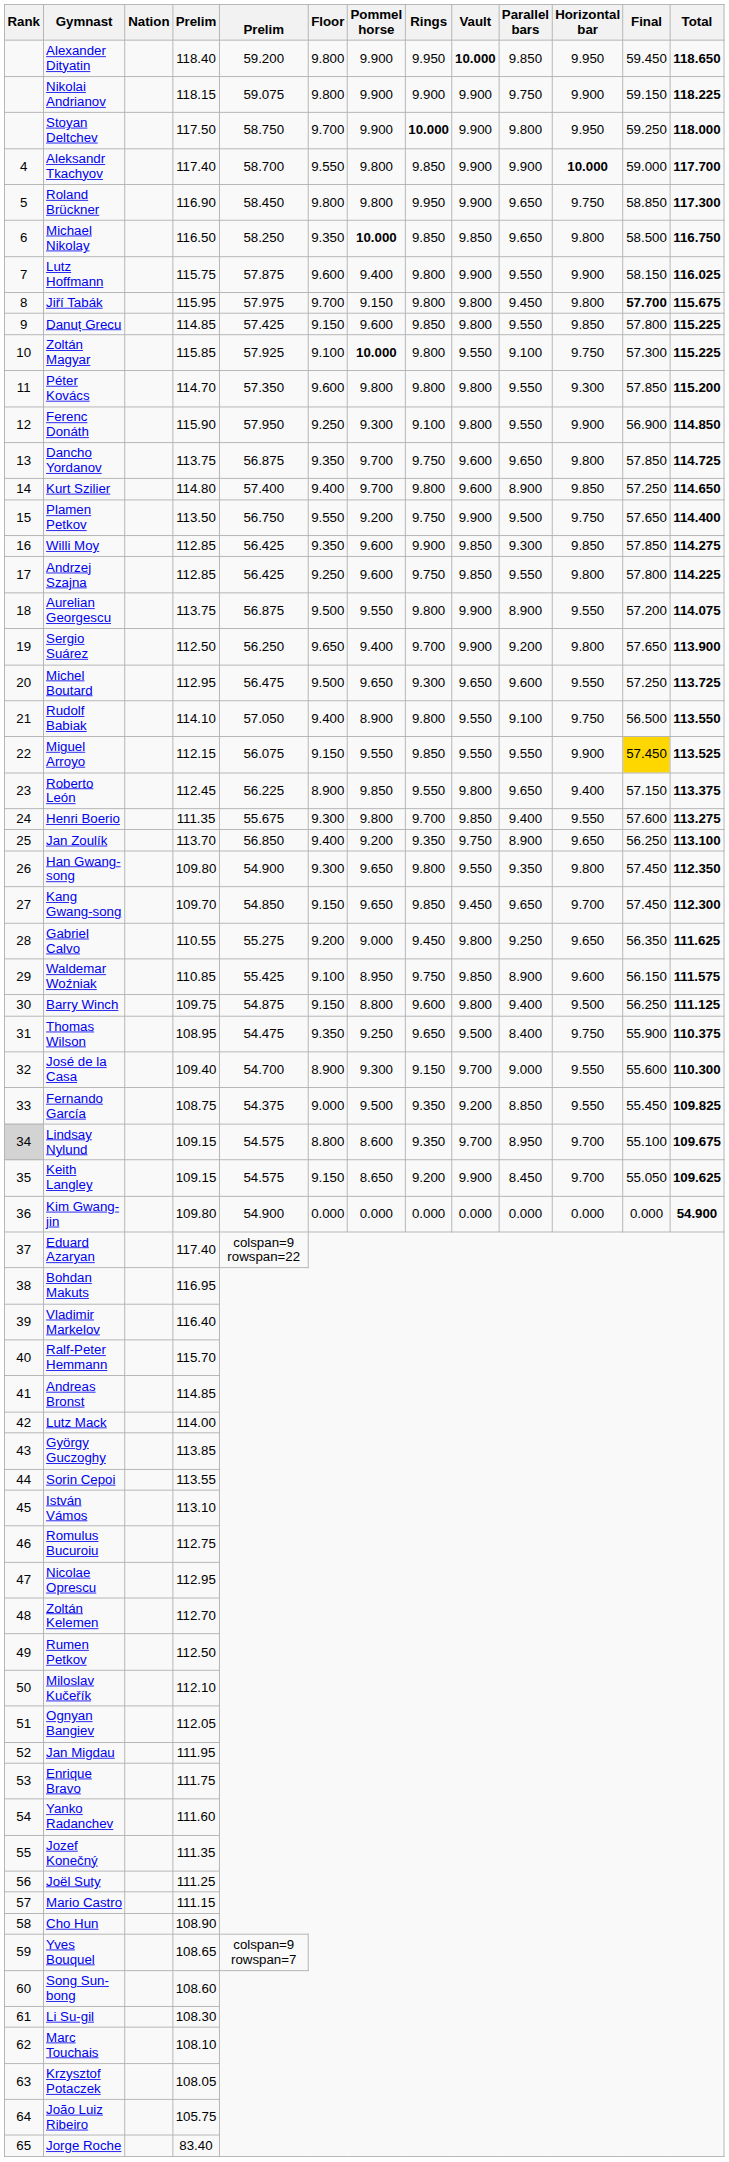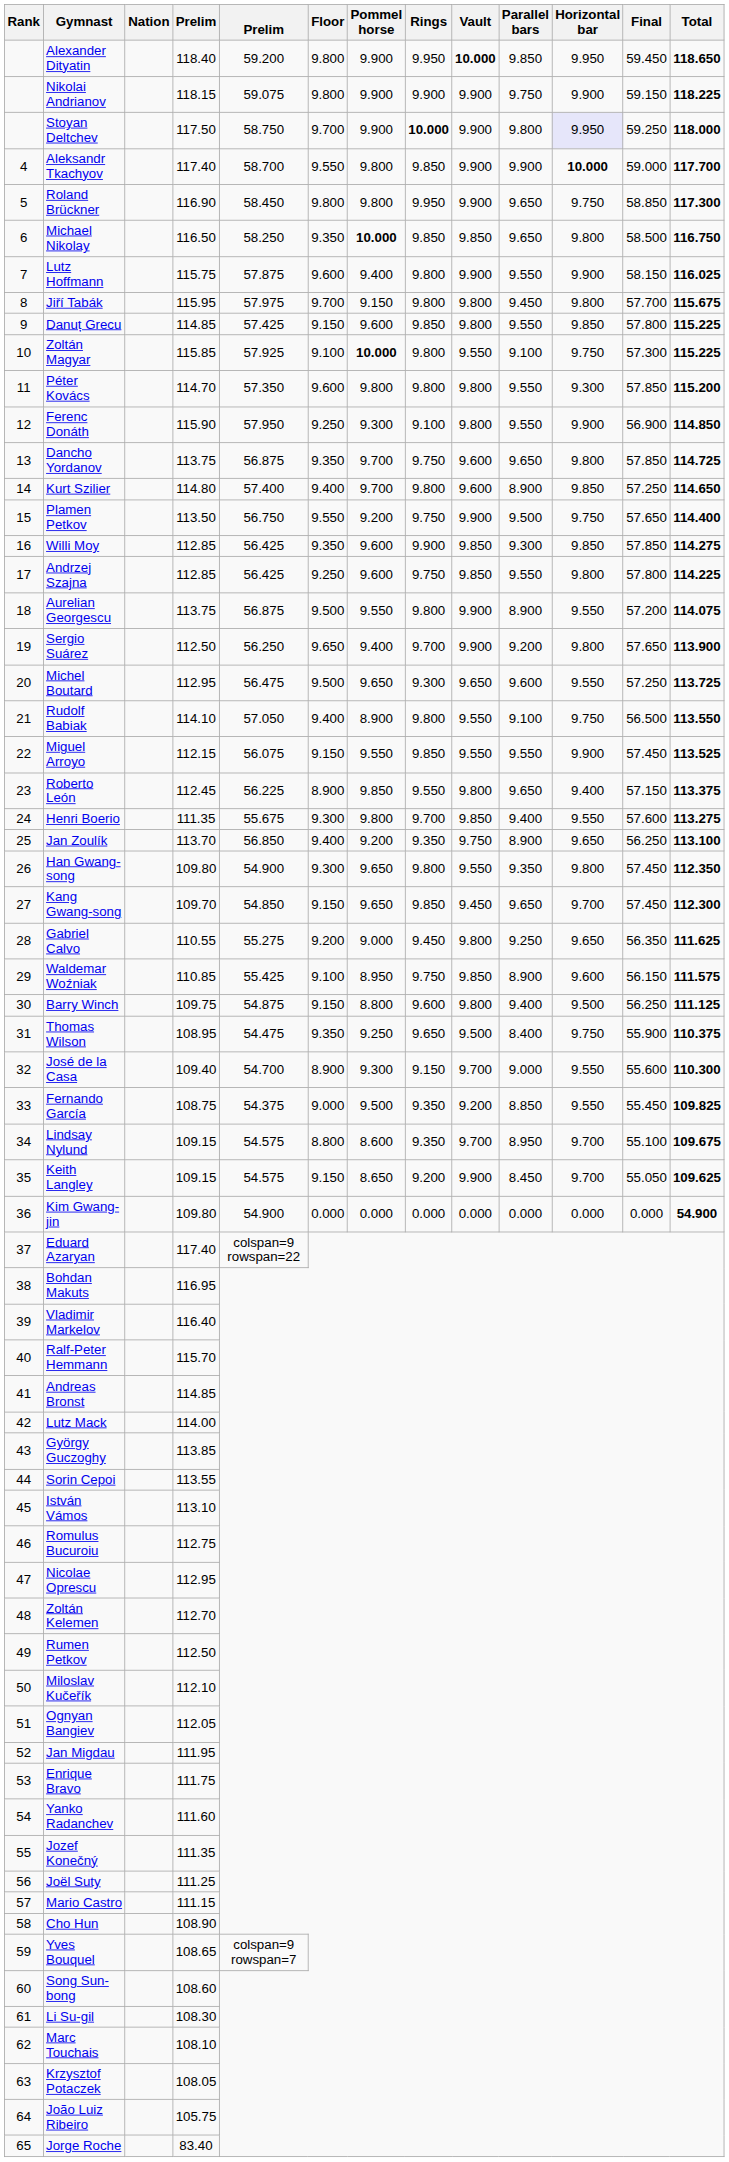 <table class="wikitable sortable" style="text-align:center">
 <tr>
 <th>Rank</th>
 <th>Gymnast</th>
 <th>Nation</th>
 <th>Prelim</th>
 <th><br>Prelim</th>
 <th>Floor</th>
 <th>Pommel<br>horse</th>
 <th>Rings</th>
 <th>Vault</th>
 <th>Parallel<br>bars</th>
 <th>Horizontal<br>bar</th>
 <th>Final</th>
 <th>Total</th>
 </tr>
 <tr>
 <td></td>
 <td align=left><a href='#'>Alexander Dityatin</a></td>
 <td align=left></td>
 <td>118.40</td>
 <td>59.200</td>
 <td>9.800</td>
 <td>9.900</td>
 <td>9.950</td>
 <td><strong>10.000</strong></td>
 <td>9.850</td>
 <td>9.950</td>
 <td>59.450</td>
 <td><strong>118.650</strong></td>
 </tr>
 <tr>
 <td></td>
 <td align=left><a href='#'>Nikolai Andrianov</a></td>
 <td align=left></td>
 <td>118.15</td>
 <td>59.075</td>
 <td>9.800</td>
 <td>9.900</td>
 <td>9.900</td>
 <td>9.900</td>
 <td>9.750</td>
 <td>9.900</td>
 <td>59.150</td>
 <td><strong>118.225</strong></td>
 </tr>
 <tr>
 <td></td>
 <td align=left><a href='#'>Stoyan Deltchev</a></td>
 <td align=left></td>
 <td>117.50</td>
 <td>58.750</td>
 <td>9.700</td>
 <td>9.900</td>
 <td><strong>10.000</strong></td>
 <td>9.900</td>
 <td>9.800</td>
-<td>9.950</td>
+<td style="background: lavender;">9.950</td>
 <td>59.250</td>
 <td><strong>118.000</strong></td>
 </tr>
 <tr>
 <td>4</td>
 <td align=left><a href='#'>Aleksandr Tkachyov</a></td>
 <td align=left></td>
 <td>117.40</td>
 <td>58.700</td>
 <td>9.550</td>
 <td>9.800</td>
 <td>9.850</td>
 <td>9.900</td>
 <td>9.900</td>
 <td><strong>10.000</strong></td>
 <td>59.000</td>
 <td><strong>117.700</strong></td>
 </tr>
 <tr>
 <td>5</td>
 <td align=left><a href='#'>Roland Brückner</a></td>
 <td align=left></td>
 <td>116.90</td>
 <td>58.450</td>
 <td>9.800</td>
 <td>9.800</td>
 <td>9.950</td>
 <td>9.900</td>
 <td>9.650</td>
 <td>9.750</td>
 <td>58.850</td>
 <td><strong>117.300</strong></td>
 </tr>
 <tr>
 <td>6</td>
 <td align=left><a href='#'>Michael Nikolay</a></td>
 <td align=left></td>
 <td>116.50</td>
 <td>58.250</td>
 <td>9.350</td>
 <td><strong>10.000</strong></td>
 <td>9.850</td>
 <td>9.850</td>
 <td>9.650</td>
 <td>9.800</td>
 <td>58.500</td>
 <td><strong>116.750</strong></td>
 </tr>
 <tr>
 <td>7</td>
 <td align=left><a href='#'>Lutz Hoffmann</a></td>
 <td align=left></td>
 <td>115.75</td>
 <td>57.875</td>
 <td>9.600</td>
 <td>9.400</td>
 <td>9.800</td>
 <td>9.900</td>
 <td>9.550</td>
 <td>9.900</td>
 <td>58.150</td>
 <td><strong>116.025</strong></td>
 </tr>
 <tr>
 <td>8</td>
 <td align=left><a href='#'>Jiří Tabák</a></td>
 <td align="left"></td>
 <td>115.95</td>
 <td>57.975</td>
 <td>9.700</td>
 <td>9.150</td>
 <td>9.800</td>
 <td>9.800</td>
 <td>9.450</td>
 <td>9.800</td>
-<td><strong>57.700</strong></td>
+<td>57.700</td>
 <td><strong>115.675</strong></td>
 </tr>
 <tr>
 <td>9</td>
 <td align=left><a href='#'>Danuț Grecu</a></td>
 <td align="left"></td>
 <td>114.85</td>
 <td>57.425</td>
 <td>9.150</td>
 <td>9.600</td>
 <td>9.850</td>
 <td>9.800</td>
 <td>9.550</td>
 <td>9.850</td>
 <td>57.800</td>
 <td><strong>115.225</strong></td>
 </tr>
 <tr>
 <td>10</td>
 <td align=left><a href='#'>Zoltán Magyar</a></td>
 <td align=left></td>
 <td>115.85</td>
 <td>57.925</td>
 <td>9.100</td>
 <td><strong>10.000</strong></td>
 <td>9.800</td>
 <td>9.550</td>
 <td>9.100</td>
 <td>9.750</td>
 <td>57.300</td>
 <td><strong>115.225</strong></td>
 </tr>
 <tr>
 <td>11</td>
 <td align=left><a href='#'>Péter Kovács</a></td>
 <td align=left></td>
 <td>114.70</td>
 <td>57.350</td>
 <td>9.600</td>
 <td>9.800</td>
 <td>9.800</td>
 <td>9.800</td>
 <td>9.550</td>
 <td>9.300</td>
 <td>57.850</td>
 <td><strong>115.200</strong></td>
 </tr>
 <tr>
 <td>12</td>
 <td align=left><a href='#'>Ferenc Donáth</a></td>
 <td align="left"></td>
 <td>115.90</td>
 <td>57.950</td>
 <td>9.250</td>
 <td>9.300</td>
 <td>9.100</td>
 <td>9.800</td>
 <td>9.550</td>
 <td>9.900</td>
 <td>56.900</td>
 <td><strong>114.850</strong></td>
 </tr>
 <tr>
 <td>13</td>
 <td align=left><a href='#'>Dancho Yordanov</a></td>
 <td align=left></td>
 <td>113.75</td>
 <td>56.875</td>
 <td>9.350</td>
 <td>9.700</td>
 <td>9.750</td>
 <td>9.600</td>
 <td>9.650</td>
 <td>9.800</td>
 <td>57.850</td>
 <td><strong>114.725</strong></td>
 </tr>
 <tr>
 <td>14</td>
 <td align=left><a href='#'>Kurt Szilier</a></td>
 <td align=left></td>
 <td>114.80</td>
 <td>57.400</td>
 <td>9.400</td>
 <td>9.700</td>
 <td>9.800</td>
 <td>9.600</td>
 <td>8.900</td>
 <td>9.850</td>
 <td>57.250</td>
 <td><strong>114.650</strong></td>
 </tr>
 <tr>
 <td>15</td>
 <td align=left><a href='#'>Plamen Petkov</a></td>
 <td align=left></td>
 <td>113.50</td>
 <td>56.750</td>
 <td>9.550</td>
 <td>9.200</td>
 <td>9.750</td>
 <td>9.900</td>
 <td>9.500</td>
 <td>9.750</td>
 <td>57.650</td>
 <td><strong>114.400</strong></td>
 </tr>
 <tr>
 <td>16</td>
 <td align=left><a href='#'>Willi Moy</a></td>
 <td align=left></td>
 <td>112.85</td>
 <td>56.425</td>
 <td>9.350</td>
 <td>9.600</td>
 <td>9.900</td>
 <td>9.850</td>
 <td>9.300</td>
 <td>9.850</td>
 <td>57.850</td>
 <td><strong>114.275</strong></td>
 </tr>
 <tr>
 <td>17</td>
 <td align=left><a href='#'>Andrzej Szajna</a></td>
 <td align=left></td>
 <td>112.85</td>
 <td>56.425</td>
 <td>9.250</td>
 <td>9.600</td>
 <td>9.750</td>
 <td>9.850</td>
 <td>9.550</td>
 <td>9.800</td>
 <td>57.800</td>
 <td><strong>114.225</strong></td>
 </tr>
 <tr>
 <td>18</td>
 <td align=left><a href='#'>Aurelian Georgescu</a></td>
 <td align=left></td>
 <td>113.75</td>
 <td>56.875</td>
 <td>9.500</td>
 <td>9.550</td>
 <td>9.800</td>
 <td>9.900</td>
 <td>8.900</td>
 <td>9.550</td>
 <td>57.200</td>
 <td><strong>114.075</strong></td>
 </tr>
 <tr>
 <td>19</td>
 <td align=left><a href='#'>Sergio Suárez</a></td>
 <td align="left"></td>
 <td>112.50</td>
 <td>56.250</td>
 <td>9.650</td>
 <td>9.400</td>
 <td>9.700</td>
 <td>9.900</td>
 <td>9.200</td>
 <td>9.800</td>
 <td>57.650</td>
 <td><strong>113.900</strong></td>
 </tr>
 <tr>
 <td>20</td>
 <td align=left><a href='#'>Michel Boutard</a></td>
 <td align=left></td>
 <td>112.95</td>
 <td>56.475</td>
 <td>9.500</td>
 <td>9.650</td>
 <td>9.300</td>
 <td>9.650</td>
 <td>9.600</td>
 <td>9.550</td>
 <td>57.250</td>
 <td><strong>113.725</strong></td>
 </tr>
 <tr>
 <td>21</td>
 <td align=left><a href='#'>Rudolf Babiak</a></td>
 <td align=left></td>
 <td>114.10</td>
 <td>57.050</td>
 <td>9.400</td>
 <td>8.900</td>
 <td>9.800</td>
 <td>9.550</td>
 <td>9.100</td>
 <td>9.750</td>
 <td>56.500</td>
 <td><strong>113.550</strong></td>
 </tr>
 <tr>
 <td>22</td>
 <td align=left><a href='#'>Miguel Arroyo</a></td>
 <td align=left></td>
 <td>112.15</td>
 <td>56.075</td>
 <td>9.150</td>
 <td>9.550</td>
 <td>9.850</td>
 <td>9.550</td>
 <td>9.550</td>
 <td>9.900</td>
-<td style="background: gold;">57.450</td>
+<td>57.450</td>
 <td><strong>113.525</strong></td>
 </tr>
 <tr>
 <td>23</td>
 <td align=left><a href='#'>Roberto León</a></td>
 <td align="left"></td>
 <td>112.45</td>
 <td>56.225</td>
 <td>8.900</td>
 <td>9.850</td>
 <td>9.550</td>
 <td>9.800</td>
 <td>9.650</td>
 <td>9.400</td>
 <td>57.150</td>
 <td><strong>113.375</strong></td>
 </tr>
 <tr>
 <td>24</td>
 <td align=left><a href='#'>Henri Boerio</a></td>
 <td align=left></td>
 <td>111.35</td>
 <td>55.675</td>
 <td>9.300</td>
 <td>9.800</td>
 <td>9.700</td>
 <td>9.850</td>
 <td>9.400</td>
 <td>9.550</td>
 <td>57.600</td>
 <td><strong>113.275</strong></td>
 </tr>
 <tr>
 <td>25</td>
 <td align=left><a href='#'>Jan Zoulík</a></td>
 <td align="left"></td>
 <td>113.70</td>
 <td>56.850</td>
 <td>9.400</td>
 <td>9.200</td>
 <td>9.350</td>
 <td>9.750</td>
 <td>8.900</td>
 <td>9.650</td>
 <td>56.250</td>
 <td><strong>113.100</strong></td>
 </tr>
 <tr>
 <td>26</td>
 <td align=left><a href='#'>Han Gwang-song</a></td>
 <td align=left></td>
 <td>109.80</td>
 <td>54.900</td>
 <td>9.300</td>
 <td>9.650</td>
 <td>9.800</td>
 <td>9.550</td>
 <td>9.350</td>
 <td>9.800</td>
 <td>57.450</td>
 <td><strong>112.350</strong></td>
 </tr>
 <tr>
 <td>27</td>
 <td align=left><a href='#'>Kang Gwang-song</a></td>
 <td align=left></td>
 <td>109.70</td>
 <td>54.850</td>
 <td>9.150</td>
 <td>9.650</td>
 <td>9.850</td>
 <td>9.450</td>
 <td>9.650</td>
 <td>9.700</td>
 <td>57.450</td>
 <td><strong>112.300</strong></td>
 </tr>
 <tr>
 <td>28</td>
 <td align=left><a href='#'>Gabriel Calvo</a></td>
 <td align=left></td>
 <td>110.55</td>
 <td>55.275</td>
 <td>9.200</td>
 <td>9.000</td>
 <td>9.450</td>
 <td>9.800</td>
 <td>9.250</td>
 <td>9.650</td>
 <td>56.350</td>
 <td><strong>111.625</strong></td>
 </tr>
 <tr>
 <td>29</td>
 <td align=left><a href='#'>Waldemar Woźniak</a></td>
 <td align=left></td>
 <td>110.85</td>
 <td>55.425</td>
 <td>9.100</td>
 <td>8.950</td>
 <td>9.750</td>
 <td>9.850</td>
 <td>8.900</td>
 <td>9.600</td>
 <td>56.150</td>
 <td><strong>111.575</strong></td>
 </tr>
 <tr>
 <td>30</td>
 <td align=left><a href='#'>Barry Winch</a></td>
 <td align=left></td>
 <td>109.75</td>
 <td>54.875</td>
 <td>9.150</td>
 <td>8.800</td>
 <td>9.600</td>
 <td>9.800</td>
 <td>9.400</td>
 <td>9.500</td>
 <td>56.250</td>
 <td><strong>111.125</strong></td>
 </tr>
 <tr>
 <td>31</td>
 <td align=left><a href='#'>Thomas Wilson</a></td>
 <td align=left></td>
 <td>108.95</td>
 <td>54.475</td>
 <td>9.350</td>
 <td>9.250</td>
 <td>9.650</td>
 <td>9.500</td>
 <td>8.400</td>
 <td>9.750</td>
 <td>55.900</td>
 <td><strong>110.375</strong></td>
 </tr>
 <tr>
 <td>32</td>
 <td align=left><a href='#'>José de la Casa</a></td>
 <td align="left"></td>
 <td>109.40</td>
 <td>54.700</td>
 <td>8.900</td>
 <td>9.300</td>
 <td>9.150</td>
 <td>9.700</td>
 <td>9.000</td>
 <td>9.550</td>
 <td>55.600</td>
 <td><strong>110.300</strong></td>
 </tr>
 <tr>
 <td>33</td>
 <td align=left><a href='#'>Fernando García</a></td>
 <td align=left></td>
 <td>108.75</td>
 <td>54.375</td>
 <td>9.000</td>
 <td>9.500</td>
 <td>9.350</td>
 <td>9.200</td>
 <td>8.850</td>
 <td>9.550</td>
 <td>55.450</td>
 <td><strong>109.825</strong></td>
 </tr>
 <tr>
-<td style="background: lightgrey;">34</td>
+<td>34</td>
 <td align=left><a href='#'>Lindsay Nylund</a></td>
 <td align=left></td>
 <td>109.15</td>
 <td>54.575</td>
 <td>8.800</td>
 <td>8.600</td>
 <td>9.350</td>
 <td>9.700</td>
 <td>8.950</td>
 <td>9.700</td>
 <td>55.100</td>
 <td><strong>109.675</strong></td>
 </tr>
 <tr>
 <td>35</td>
 <td align=left><a href='#'>Keith Langley</a></td>
 <td align="left"></td>
 <td>109.15</td>
 <td>54.575</td>
 <td>9.150</td>
 <td>8.650</td>
 <td>9.200</td>
 <td>9.900</td>
 <td>8.450</td>
 <td>9.700</td>
 <td>55.050</td>
 <td><strong>109.625</strong></td>
 </tr>
 <tr>
 <td>36</td>
 <td align=left><a href='#'>Kim Gwang-jin</a></td>
 <td align=left></td>
 <td>109.80</td>
 <td>54.900</td>
 <td>0.000</td>
 <td>0.000</td>
 <td>0.000</td>
 <td>0.000</td>
 <td>0.000</td>
 <td>0.000</td>
 <td>0.000</td>
 <td><strong>54.900</strong></td>
 </tr>
 <tr>
 <td>37</td>
 <td align=left><a href='#'>Eduard Azaryan</a></td>
 <td align="left"></td>
 <td>117.40</td>
 <td>colspan=9 rowspan=22 </td>
 </tr>
 <tr>
 <td>38</td>
 <td align=left><a href='#'>Bohdan Makuts</a></td>
 <td align="left"></td>
 <td>116.95</td>
 </tr>
 <tr>
 <td>39</td>
 <td align=left><a href='#'>Vladimir Markelov</a></td>
 <td align="left"></td>
 <td>116.40</td>
 </tr>
 <tr>
 <td>40</td>
 <td align=left><a href='#'>Ralf-Peter Hemmann</a></td>
 <td align="left"></td>
 <td>115.70</td>
 </tr>
 <tr>
 <td>41</td>
 <td align=left><a href='#'>Andreas Bronst</a></td>
 <td align="left"></td>
 <td>114.85</td>
 </tr>
 <tr>
 <td>42</td>
 <td align=left><a href='#'>Lutz Mack</a></td>
 <td align="left"></td>
 <td>114.00</td>
 </tr>
 <tr>
 <td>43</td>
 <td align=left><a href='#'>György Guczoghy</a></td>
 <td align="left"></td>
 <td>113.85</td>
 </tr>
 <tr>
 <td>44</td>
 <td align=left><a href='#'>Sorin Cepoi</a></td>
 <td align="left"></td>
 <td>113.55</td>
 </tr>
 <tr>
 <td>45</td>
 <td align=left><a href='#'>István Vámos</a></td>
 <td align="left"></td>
 <td>113.10</td>
 </tr>
 <tr>
 <td>46</td>
 <td align=left><a href='#'>Romulus Bucuroiu</a></td>
 <td align="left"></td>
 <td>112.75</td>
 </tr>
 <tr>
 <td>47</td>
 <td align=left><a href='#'>Nicolae Oprescu</a></td>
 <td align="left"></td>
 <td>112.95</td>
 </tr>
 <tr>
 <td>48</td>
 <td align=left><a href='#'>Zoltán Kelemen</a></td>
 <td align="left"></td>
 <td>112.70</td>
 </tr>
 <tr>
 <td>49</td>
 <td align=left><a href='#'>Rumen Petkov</a></td>
 <td align="left"></td>
 <td>112.50</td>
 </tr>
 <tr>
 <td>50</td>
 <td align=left><a href='#'>Miloslav Kučeřík</a></td>
 <td align="left"></td>
 <td>112.10</td>
 </tr>
 <tr>
 <td>51</td>
 <td align=left><a href='#'>Ognyan Bangiev</a></td>
 <td align="left"></td>
 <td>112.05</td>
 </tr>
 <tr>
 <td>52</td>
 <td align=left><a href='#'>Jan Migdau</a></td>
 <td align="left"></td>
 <td>111.95</td>
 </tr>
 <tr>
 <td>53</td>
 <td align=left><a href='#'>Enrique Bravo</a></td>
 <td align="left"></td>
 <td>111.75</td>
 </tr>
 <tr>
 <td>54</td>
 <td align=left><a href='#'>Yanko Radanchev</a></td>
 <td align="left"></td>
 <td>111.60</td>
 </tr>
 <tr>
 <td>55</td>
 <td align=left><a href='#'>Jozef Konečný</a></td>
 <td align="left"></td>
 <td>111.35</td>
 </tr>
 <tr>
 <td>56</td>
 <td align=left><a href='#'>Joël Suty</a></td>
 <td align="left"></td>
 <td>111.25</td>
 </tr>
 <tr>
 <td>57</td>
 <td align=left><a href='#'>Mario Castro</a></td>
 <td align="left"></td>
 <td>111.15</td>
 </tr>
 <tr>
 <td>58</td>
 <td align=left><a href='#'>Cho Hun</a></td>
 <td align="left"></td>
 <td>108.90</td>
 </tr>
 <tr>
 <td>59</td>
 <td align=left><a href='#'>Yves Bouquel</a></td>
 <td align="left"></td>
 <td>108.65</td>
 <td>colspan=9 rowspan=7 </td>
 </tr>
 <tr>
 <td>60</td>
 <td align=left><a href='#'>Song Sun-bong</a></td>
 <td align="left"></td>
 <td>108.60</td>
 </tr>
 <tr>
 <td>61</td>
 <td align=left><a href='#'>Li Su-gil</a></td>
 <td align="left"></td>
 <td>108.30</td>
 </tr>
 <tr>
 <td>62</td>
 <td align=left><a href='#'>Marc Touchais</a></td>
 <td align="left"></td>
 <td>108.10</td>
 </tr>
 <tr>
 <td>63</td>
 <td align=left><a href='#'>Krzysztof Potaczek</a></td>
 <td align="left"></td>
 <td>108.05</td>
 </tr>
 <tr>
 <td>64</td>
 <td align=left><a href='#'>João Luiz Ribeiro</a></td>
 <td align="left"></td>
 <td>105.75</td>
 </tr>
 <tr>
 <td>65</td>
 <td align=left><a href='#'>Jorge Roche</a></td>
 <td align="left"></td>
 <td>83.40</td>
 </tr>
 </table>
